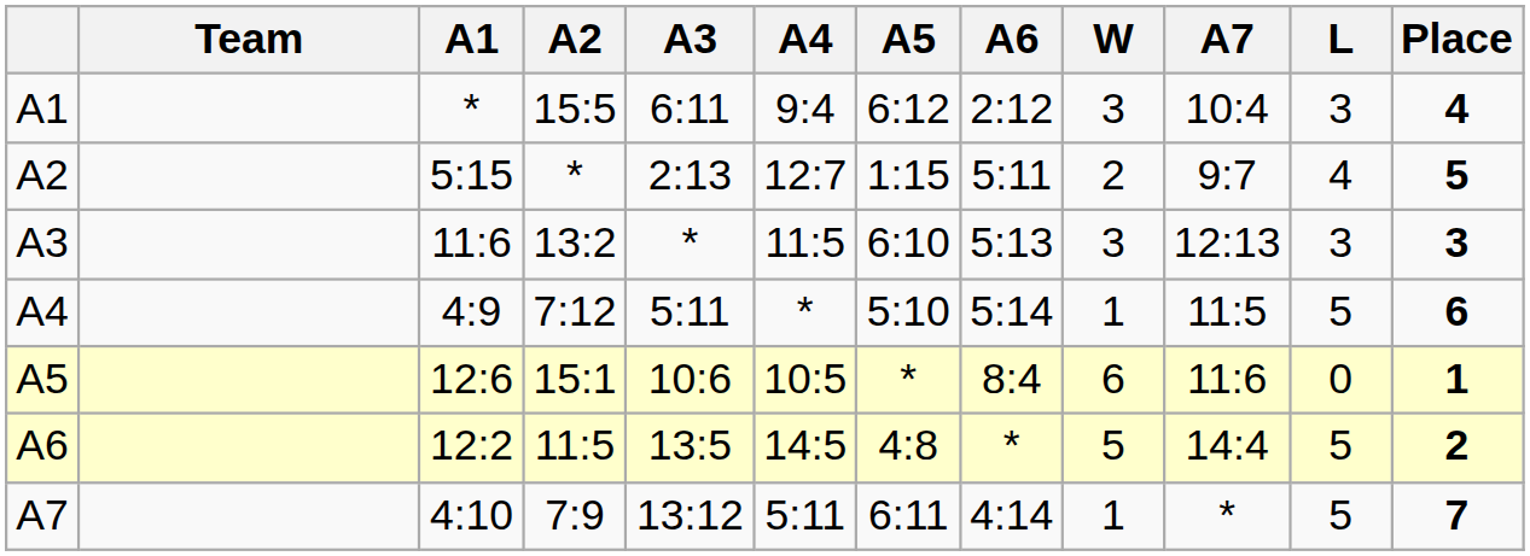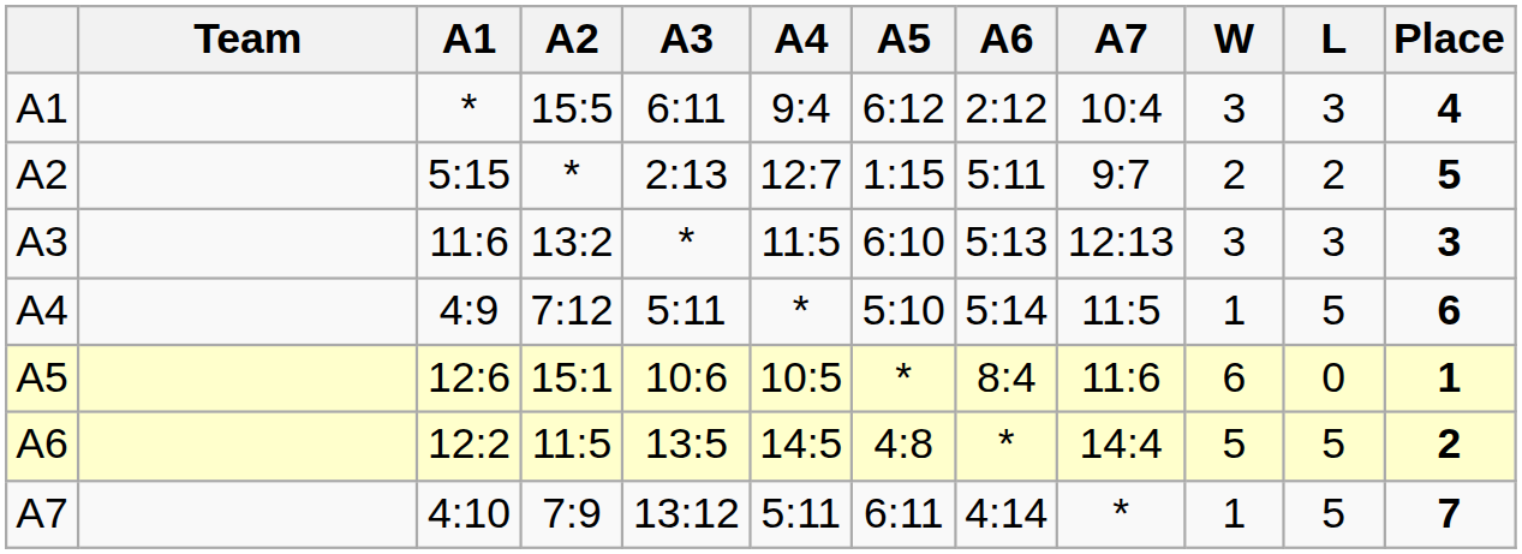 <table class="wikitable" style="text-align:center;">
 <tr>
 <th></th>
 <th width="120">Team</th>
 <th width="25">A1</th>
 <th width="25">A2</th>
 <th width="25">A3</th>
 <th width="25">A4</th>
 <th width="25">A5</th>
 <th width="25">A6</th>
+<th width="25">A7</th>
 <th width="30">W</th>
-<th width="25">A7</th>
 <th width="30">L</th>
 <th>Place</th>
 </tr>
 <tr>
 <td>A1</td>
 <td align="left"></td>
 <td>*</td>
 <td>15:5</td>
 <td>6:11</td>
 <td>9:4</td>
 <td>6:12</td>
 <td>2:12</td>
+<td>10:4</td>
 <td>3</td>
-<td>10:4</td>
 <td>3</td>
 <td><strong>4</strong></td>
 </tr>
 <tr>
 <td>A2</td>
 <td align="left"></td>
 <td>5:15</td>
 <td>*</td>
 <td>2:13</td>
 <td>12:7</td>
 <td>1:15</td>
 <td>5:11</td>
+<td>9:7</td>
 <td>2</td>
-<td>9:7</td>
-<td>4</td>
+<td>2</td>
 <td><strong>5</strong></td>
 </tr>
 <tr>
 <td>A3</td>
 <td align="left"></td>
 <td>11:6</td>
 <td>13:2</td>
 <td>*</td>
 <td>11:5</td>
 <td>6:10</td>
 <td>5:13</td>
+<td>12:13</td>
 <td>3</td>
-<td>12:13</td>
 <td>3</td>
 <td><strong>3</strong></td>
 </tr>
 <tr>
 <td>A4</td>
 <td align="left"></td>
 <td>4:9</td>
 <td>7:12</td>
 <td>5:11</td>
 <td>*</td>
 <td>5:10</td>
 <td>5:14</td>
+<td>11:5</td>
 <td>1</td>
-<td>11:5</td>
 <td>5</td>
 <td><strong>6</strong></td>
 </tr>
 <tr bgcolor="#ffffcc">
 <td>A5</td>
 <td align="left"></td>
 <td>12:6</td>
 <td>15:1</td>
 <td>10:6</td>
 <td>10:5</td>
 <td>*</td>
 <td>8:4</td>
+<td>11:6</td>
 <td>6</td>
-<td>11:6</td>
 <td>0</td>
 <td><strong>1</strong></td>
 </tr>
 <tr bgcolor="#ffffcc">
 <td>A6</td>
 <td align="left"></td>
 <td>12:2</td>
 <td>11:5</td>
 <td>13:5</td>
 <td>14:5</td>
 <td>4:8</td>
 <td>*</td>
+<td>14:4</td>
 <td>5</td>
-<td>14:4</td>
 <td>5</td>
 <td><strong>2</strong></td>
 </tr>
 <tr>
 <td>A7</td>
 <td align="left"></td>
 <td>4:10</td>
 <td>7:9</td>
 <td>13:12</td>
 <td>5:11</td>
 <td>6:11</td>
 <td>4:14</td>
+<td>*</td>
 <td>1</td>
-<td>*</td>
 <td>5</td>
 <td><strong>7</strong></td>
 </tr>
 </table>
